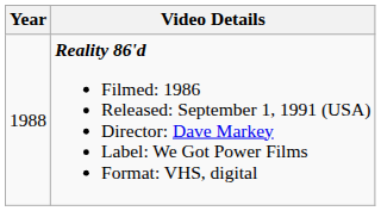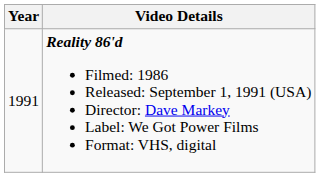 <table class ="wikitable">
 <tr>
 <th>Year</th>
 <th>Video Details</th>
 </tr>
 <tr>
-<td>1988</td>
+<td>1991</td>
 <td><strong><em>Reality 86'd</em></strong><br><ul><li>Filmed: 1986</li><li>Released: September 1, 1991 (USA)</li><li>Director: <a href='#'>Dave Markey</a></li><li>Label: We Got Power Films</li><li>Format: VHS, digital</li></ul></td>
 </tr>
 </table>
